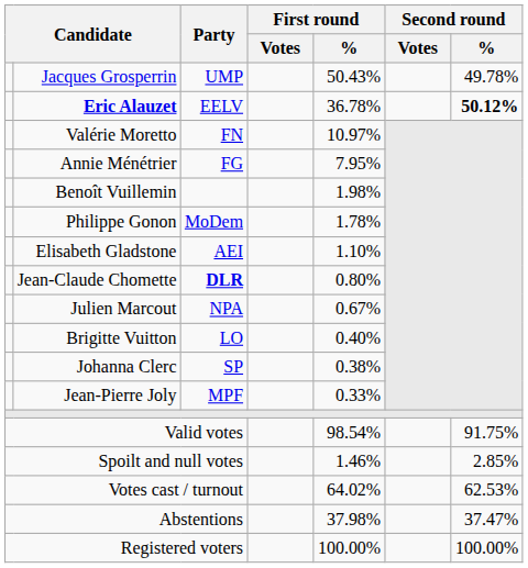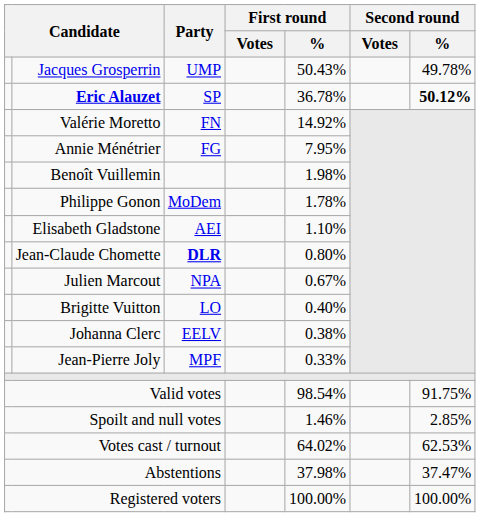 <table class="wikitable" style="text-align:right;font-size:95%;">
 <tr>
 <th rowspan=2 colspan=2>Candidate</th>
 <th rowspan=2 colspan=1>Party</th>
 <th colspan=2>First round</th>
 <th colspan=2>Second round</th>
 </tr>
 <tr>
 <th style="width:50px;">Votes</th>
 <th style="width:55px;">%</th>
 <th style="width:50px;">Votes</th>
 <th style="width:55px;">%</th>
 </tr>
 <tr>
 <td style="color:inherit;background-color:"></td>
 <td><a href='#'>Jacques Grosperrin</a></td>
 <td><a href='#'>UMP</a></td>
 <td></td>
 <td>50.43%</td>
 <td></td>
 <td>49.78%</td>
 </tr>
 <tr>
 <td style="color:inherit;background-color:"></td>
 <td><strong><a href='#'>Eric Alauzet</a></strong></td>
-<td><a href='#'>EELV</a></td>
+<td><a href='#'>SP</a></td>
 <td></td>
 <td>36.78%</td>
 <td><strong></strong></td>
 <td><strong>50.12%</strong></td>
 </tr>
 <tr>
 <td style="color:inherit;background-color:"></td>
 <td>Valérie Moretto</td>
 <td><a href='#'>FN</a></td>
 <td></td>
-<td>10.97%</td>
+<td>14.92%</td>
 <td colspan=7 rowspan=10 style="background-color:#E9E9E9;"></td>
 </tr>
 <tr>
 <td style="color:inherit;background-color:"></td>
 <td>Annie Ménétrier</td>
 <td><a href='#'>FG</a></td>
 <td></td>
 <td>7.95%</td>
 </tr>
 <tr>
 <td style="background-color:;"></td>
 <td>Benoît Vuillemin</td>
 <td></td>
 <td></td>
 <td>1.98%</td>
 </tr>
 <tr>
 <td style="color:inherit;background-color:"></td>
 <td>Philippe Gonon</td>
 <td><a href='#'>MoDem</a></td>
 <td></td>
 <td>1.78%</td>
 </tr>
 <tr>
 <td style="color:inherit;background-color:"></td>
 <td>Elisabeth Gladstone</td>
 <td><a href='#'>AEI</a></td>
 <td></td>
 <td>1.10%</td>
 </tr>
 <tr>
 <td style="color:inherit;background-color:"></td>
 <td>Jean-Claude Chomette</td>
 <td><strong><a href='#'>DLR</a></strong></td>
 <td></td>
 <td>0.80%</td>
 </tr>
 <tr>
 <td style="color:inherit;background-color:"></td>
 <td>Julien Marcout</td>
 <td><a href='#'>NPA</a></td>
 <td></td>
 <td>0.67%</td>
 </tr>
 <tr>
 <td style="color:inherit;background-color:"></td>
 <td>Brigitte Vuitton</td>
 <td><a href='#'>LO</a></td>
 <td></td>
 <td>0.40%</td>
 </tr>
 <tr>
 <td style="color:inherit;background-color:"></td>
 <td>Johanna Clerc</td>
-<td><a href='#'>SP</a></td>
+<td><a href='#'>EELV</a></td>
 <td></td>
 <td>0.38%</td>
 </tr>
 <tr>
 <td style="color:inherit;background-color:"></td>
 <td>Jean-Pierre Joly</td>
 <td><a href='#'>MPF</a></td>
 <td></td>
 <td>0.33%</td>
 </tr>
 <tr>
 <td colspan=7 style="background-color:#E9E9E9;"></td>
 </tr>
 <tr>
 <td colspan=3>Valid votes</td>
 <td></td>
 <td>98.54%</td>
 <td></td>
 <td>91.75%</td>
 </tr>
 <tr>
 <td colspan=3>Spoilt and null votes</td>
 <td></td>
 <td>1.46%</td>
 <td></td>
 <td>2.85%</td>
 </tr>
 <tr>
 <td colspan=3>Votes cast / turnout</td>
 <td></td>
 <td>64.02%</td>
 <td></td>
 <td>62.53%</td>
 </tr>
 <tr>
 <td colspan=3>Abstentions</td>
 <td></td>
 <td>37.98%</td>
 <td></td>
 <td>37.47%</td>
 </tr>
 <tr>
 <td colspan=3>Registered voters</td>
 <td></td>
 <td>100.00%</td>
 <td></td>
 <td>100.00%</td>
 </tr>
 </table>
